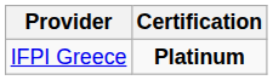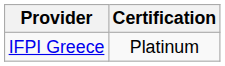 <table class="wikitable">
 <tr>
 <th>Provider</th>
 <th>Certification</th>
 </tr>
 <tr>
 <td><a href='#'>IFPI Greece</a></td>
-<td align="center"><strong>Platinum</strong></td>
+<td align="center">Platinum</td>
 </tr>
 </table>
